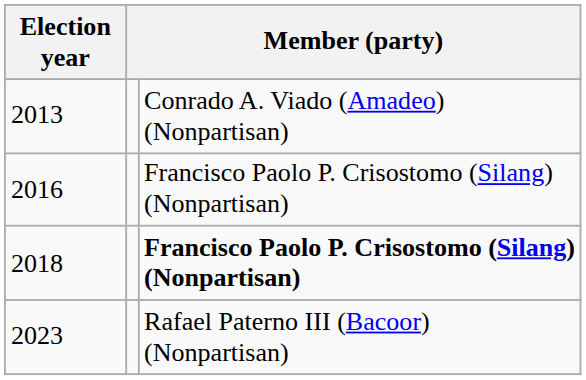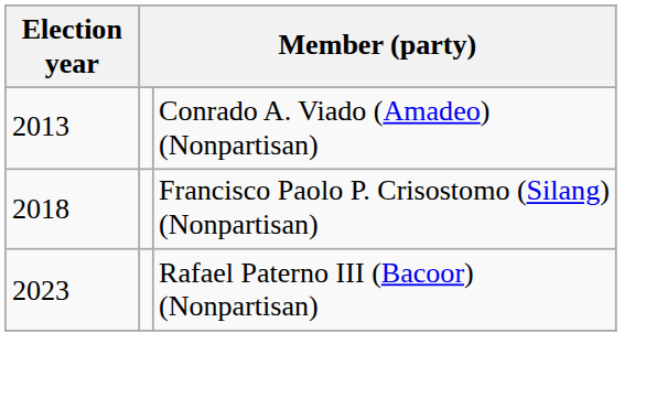 <table class="wikitable" style="font-size:90%">
 <tr>
 <th width="60px">Election<br>year</th>
 <th colspan="2" width="140px">Member (party)</th>
 </tr>
 <tr>
 <td>2013</td>
 <td></td>
 <td>Conrado A. Viado (<a href='#'>Amadeo</a>)<br>(Nonpartisan)</td>
 </tr>
 <tr>
-<td>2016</td>
+<td>2018</td>
 <td></td>
 <td>Francisco Paolo P. Crisostomo (<a href='#'>Silang</a>)<br>(Nonpartisan)</td>
-</tr>
-<tr>
-<td>2018</td>
-<td></td>
-<td><strong>Francisco Paolo P. Crisostomo (<a href='#'>Silang</a>)<br>(Nonpartisan)</strong></td>
 </tr>
 <tr>
 <td>2023</td>
 <td></td>
 <td>Rafael Paterno III (<a href='#'>Bacoor</a>)<br>(Nonpartisan)</td>
 </tr>
 </table>
